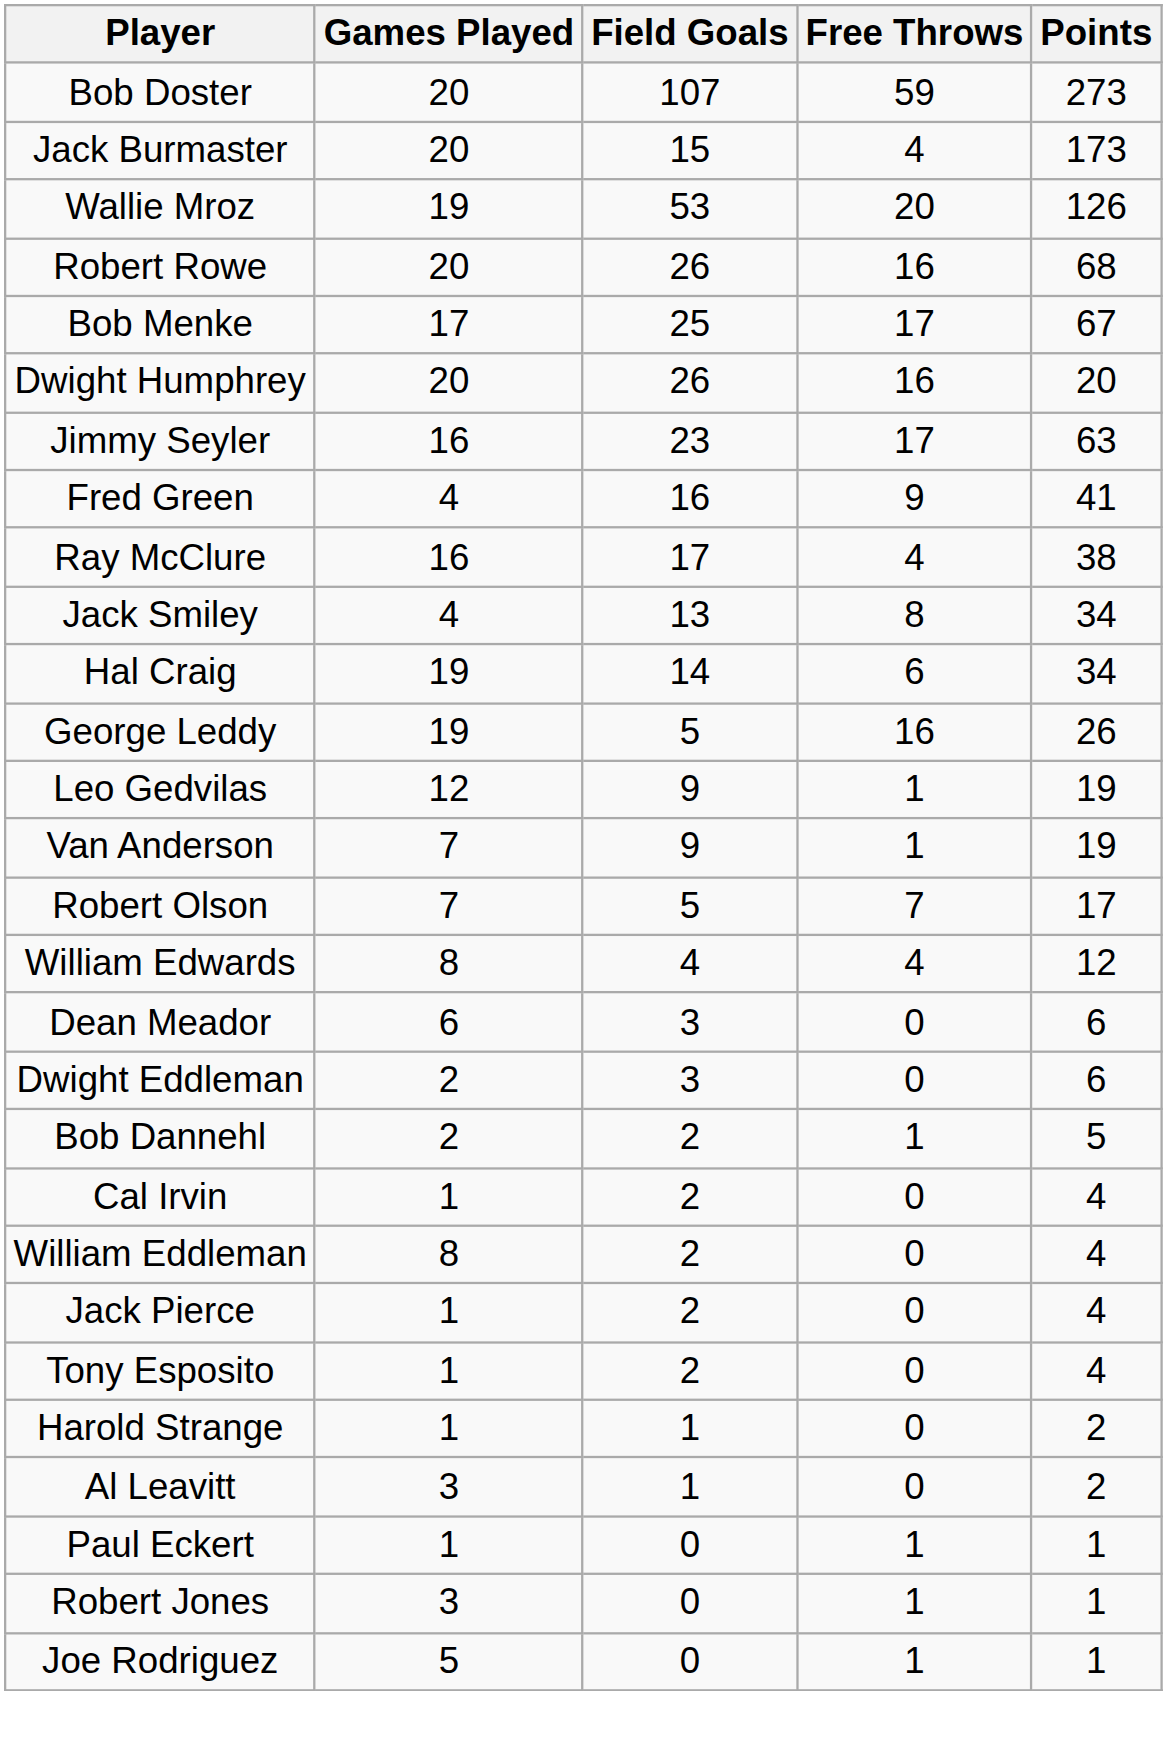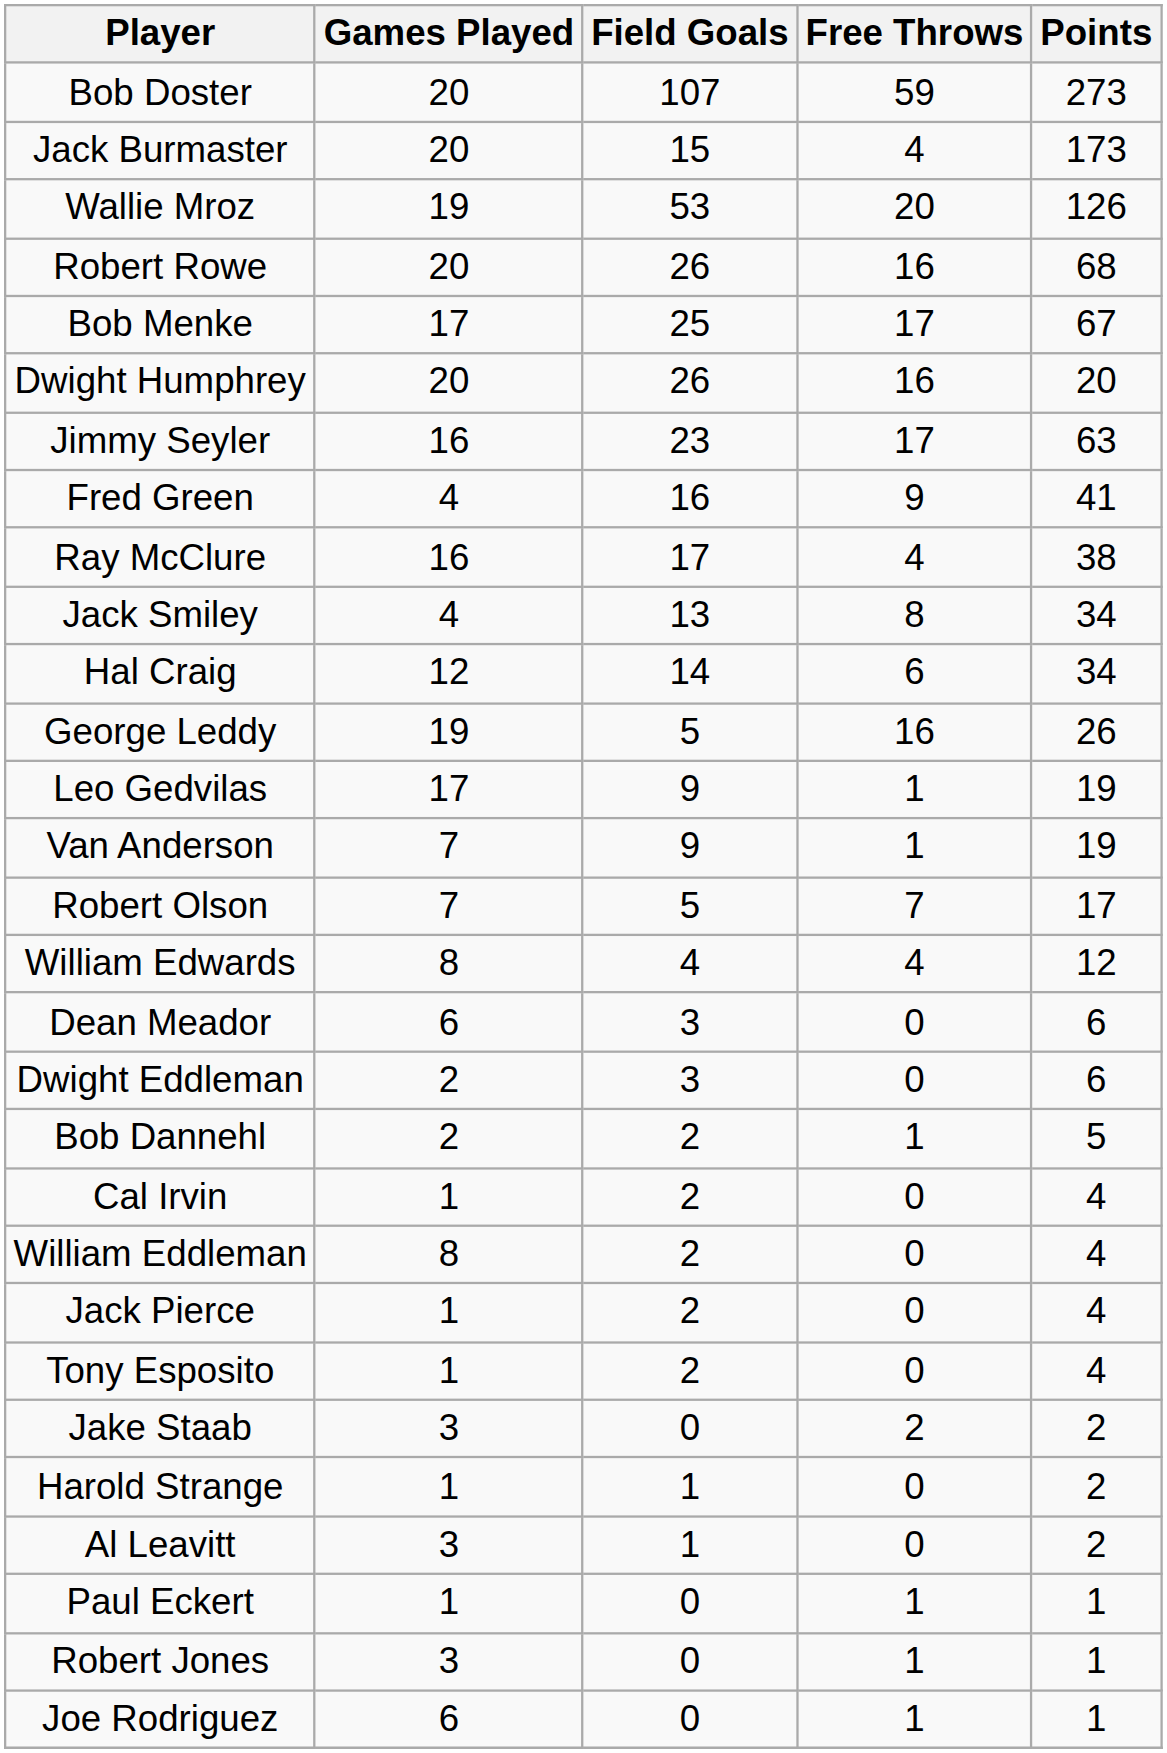 <table class="wikitable sortable">
 <tr>
 <th>Player</th>
 <th>Games Played</th>
 <th>Field Goals</th>
 <th>Free Throws</th>
 <th>Points</th>
 </tr>
 <tr align="center" bgcolor="">
 <td>Bob Doster</td>
 <td>20</td>
 <td>107</td>
 <td>59</td>
 <td>273</td>
 </tr>
 <tr align="center" bgcolor="">
 <td>Jack Burmaster</td>
 <td>20</td>
 <td>15</td>
 <td>4</td>
 <td>173</td>
 </tr>
 <tr align="center" bgcolor="">
 <td>Wallie Mroz</td>
 <td>19</td>
 <td>53</td>
 <td>20</td>
 <td>126</td>
 </tr>
 <tr align="center" bgcolor="">
 <td>Robert Rowe</td>
 <td>20</td>
 <td>26</td>
 <td>16</td>
 <td>68</td>
 </tr>
 <tr align="center" bgcolor="">
 <td>Bob Menke</td>
 <td>17</td>
 <td>25</td>
 <td>17</td>
 <td>67</td>
 </tr>
 <tr align="center" bgcolor="">
 <td>Dwight Humphrey</td>
 <td>20</td>
 <td>26</td>
 <td>16</td>
 <td>20</td>
 </tr>
 <tr align="center" bgcolor="">
 <td>Jimmy Seyler</td>
 <td>16</td>
 <td>23</td>
 <td>17</td>
 <td>63</td>
 </tr>
 <tr align="center" bgcolor="">
 <td>Fred Green</td>
 <td>4</td>
 <td>16</td>
 <td>9</td>
 <td>41</td>
 </tr>
 <tr align="center" bgcolor="">
 <td>Ray McClure</td>
 <td>16</td>
 <td>17</td>
 <td>4</td>
 <td>38</td>
 </tr>
 <tr align="center" bgcolor="">
 <td>Jack Smiley</td>
 <td>4</td>
 <td>13</td>
 <td>8</td>
 <td>34</td>
 </tr>
 <tr align="center" bgcolor="">
 <td>Hal Craig</td>
-<td>19</td>
+<td>12</td>
 <td>14</td>
 <td>6</td>
 <td>34</td>
 </tr>
 <tr align="center" bgcolor="">
 <td>George Leddy</td>
 <td>19</td>
 <td>5</td>
 <td>16</td>
 <td>26</td>
 </tr>
 <tr align="center" bgcolor="">
 <td>Leo Gedvilas</td>
-<td>12</td>
+<td>17</td>
 <td>9</td>
 <td>1</td>
 <td>19</td>
 </tr>
 <tr align="center" bgcolor="">
 <td>Van Anderson</td>
 <td>7</td>
 <td>9</td>
 <td>1</td>
 <td>19</td>
 </tr>
 <tr align="center" bgcolor="">
 <td>Robert Olson</td>
 <td>7</td>
 <td>5</td>
 <td>7</td>
 <td>17</td>
 </tr>
 <tr align="center" bgcolor="">
 <td>William Edwards</td>
 <td>8</td>
 <td>4</td>
 <td>4</td>
 <td>12</td>
 </tr>
 <tr align="center" bgcolor="">
 <td>Dean Meador</td>
 <td>6</td>
 <td>3</td>
 <td>0</td>
 <td>6</td>
 </tr>
 <tr align="center" bgcolor="">
 <td>Dwight Eddleman</td>
 <td>2</td>
 <td>3</td>
 <td>0</td>
 <td>6</td>
 </tr>
 <tr align="center" bgcolor="">
 <td>Bob Dannehl</td>
 <td>2</td>
 <td>2</td>
 <td>1</td>
 <td>5</td>
 </tr>
 <tr align="center" bgcolor="">
 <td>Cal Irvin</td>
 <td>1</td>
 <td>2</td>
 <td>0</td>
 <td>4</td>
 </tr>
 <tr align="center" bgcolor="">
 <td>William Eddleman</td>
 <td>8</td>
 <td>2</td>
 <td>0</td>
 <td>4</td>
 </tr>
 <tr align="center" bgcolor="">
 <td>Jack Pierce</td>
 <td>1</td>
 <td>2</td>
 <td>0</td>
 <td>4</td>
 </tr>
 <tr align="center" bgcolor="">
 <td>Tony Esposito</td>
 <td>1</td>
 <td>2</td>
 <td>0</td>
 <td>4</td>
 </tr>
 <tr align="center" bgcolor="">
+<td>Jake Staab</td>
+<td>3</td>
+<td>0</td>
+<td>2</td>
+<td>2</td>
+</tr>
+<tr align="center" bgcolor="">
 <td>Harold Strange</td>
 <td>1</td>
 <td>1</td>
 <td>0</td>
 <td>2</td>
 </tr>
 <tr align="center" bgcolor="">
 <td>Al Leavitt</td>
 <td>3</td>
 <td>1</td>
 <td>0</td>
 <td>2</td>
 </tr>
 <tr align="center" bgcolor="">
 <td>Paul Eckert</td>
 <td>1</td>
 <td>0</td>
 <td>1</td>
 <td>1</td>
 </tr>
 <tr align="center" bgcolor="">
 <td>Robert Jones</td>
 <td>3</td>
 <td>0</td>
 <td>1</td>
 <td>1</td>
 </tr>
 <tr align="center" bgcolor="">
 <td>Joe Rodriguez</td>
-<td>5</td>
+<td>6</td>
 <td>0</td>
 <td>1</td>
 <td>1</td>
 </tr>
 <tr align="center" bgcolor="">
 </tr>
 </table>
